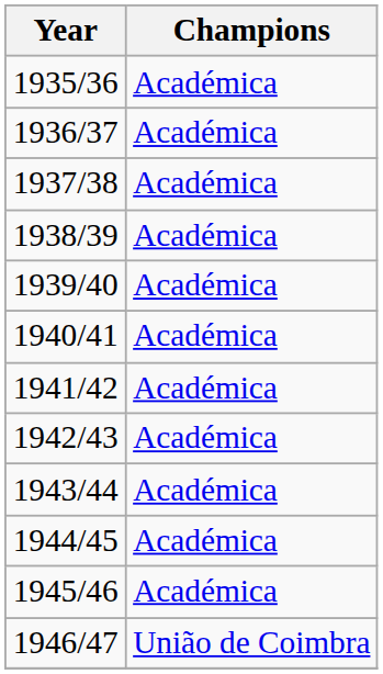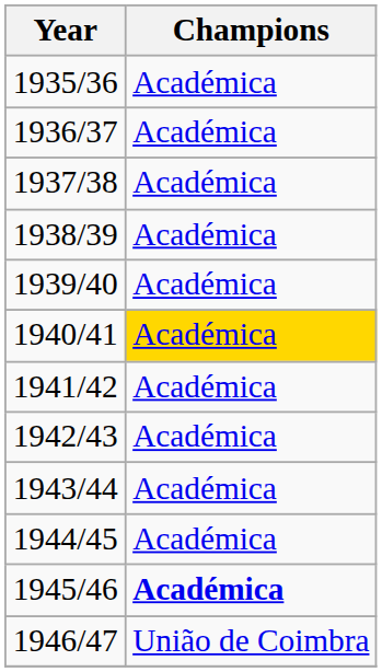 <table class="wikitable" style="text-align:left">
 <tr>
 <th style= width="100px">Year</th>
 <th style= width="400px">Champions</th>
 </tr>
 <tr>
 <td>1935/36</td>
 <td><a href='#'>Académica</a></td>
 </tr>
 <tr>
 <td>1936/37</td>
 <td><a href='#'>Académica</a></td>
 </tr>
 <tr>
 <td>1937/38</td>
 <td><a href='#'>Académica</a></td>
 </tr>
 <tr>
 <td>1938/39</td>
 <td><a href='#'>Académica</a></td>
 </tr>
 <tr>
 <td>1939/40</td>
 <td><a href='#'>Académica</a></td>
 </tr>
 <tr>
 <td>1940/41</td>
-<td><a href='#'>Académica</a></td>
+<td style="background: gold;"><a href='#'>Académica</a></td>
 </tr>
 <tr>
 <td>1941/42</td>
 <td><a href='#'>Académica</a></td>
 </tr>
 <tr>
 <td>1942/43</td>
 <td><a href='#'>Académica</a></td>
 </tr>
 <tr>
 <td>1943/44</td>
 <td><a href='#'>Académica</a></td>
 </tr>
 <tr>
 <td>1944/45</td>
 <td><a href='#'>Académica</a></td>
 </tr>
 <tr>
 <td>1945/46</td>
-<td><a href='#'>Académica</a></td>
+<td><strong><a href='#'>Académica</a></strong></td>
 </tr>
 <tr>
 <td>1946/47</td>
 <td><a href='#'>União de Coimbra</a></td>
 </tr>
 <tr>
 </tr>
 </table>
